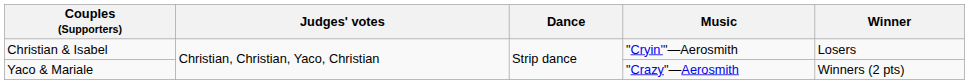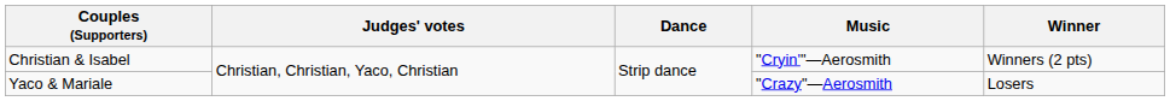 <table class="wikitable sortable" style="width:95%; white-space:nowrap;">
 <tr>
 <th>Couples<br><small>(Supporters)</small></th>
 <th>Judges' votes</th>
 <th>Dance</th>
 <th>Music</th>
 <th>Winner</th>
 </tr>
 <tr>
 <td>Christian & Isabel<br></td>
 <td rowspan=2>Christian, Christian, Yaco, Christian</td>
 <td rowspan=2>Strip dance</td>
 <td>"<a href='#'>Cryin'</a>"—Aerosmith</td>
-<td>Losers</td>
+<td>Winners (2 pts)</td>
 </tr>
 <tr>
 <td>Yaco & Mariale<br></td>
 <td>"<a href='#'>Crazy</a>"—<a href='#'>Aerosmith</a></td>
-<td>Winners (2 pts)</td>
+<td>Losers</td>
 </tr>
 </table>
